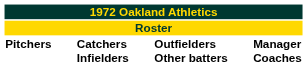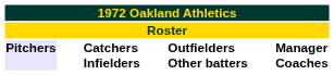 <table class="toccolours" style="font-size: 95%;">
 <tr>
 <th colspan="10" style="background-color: #003831; color: #FFD800; text-align: center;">1972 Oakland Athletics</th>
 </tr>
 <tr>
 <td colspan="10" style="background-color: #FFD800; color: #003831; text-align: center;"><strong>Roster</strong></td>
 </tr>
 <tr>
-<td valign="top"><strong>Pitchers</strong><br>              </td>
+<td valign="top" style="background: lavender;"><strong>Pitchers</strong><br>              </td>
 <td width="25px"></td>
 <td valign="top"><strong>Catchers</strong><br>   <strong>Infielders</strong>                </td>
 <td width="25px"></td>
 <td valign="top"><strong>Outfielders</strong><br>           <strong>Other batters</strong>  </td>
 <td width="25px"></td>
 <td valign="top"><strong>Manager</strong><br> <strong>Coaches</strong>    </td>
 </tr>
 </table>
